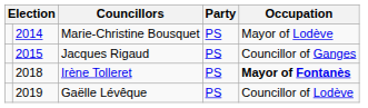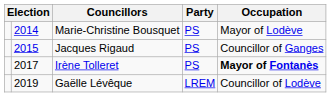 <table class="wikitable">
 <tr>
 <th colspan="2">Election</th>
 <th>Councillors</th>
 <th>Party</th>
 <th>Occupation</th>
 </tr>
 <tr>
 <td style="background-color: "></td>
 <td><a href='#'>2014</a></td>
 <td>Marie-Christine Bousquet</td>
 <td><a href='#'>PS</a></td>
 <td>Mayor of <a href='#'>Lodève</a></td>
 </tr>
 <tr>
 <td style="background-color: "></td>
 <td><a href='#'>2015</a></td>
 <td>Jacques Rigaud</td>
 <td><a href='#'>PS</a></td>
 <td>Councillor of <a href='#'>Ganges</a></td>
 </tr>
 <tr>
 <td style="background-color: "></td>
-<td>2018</td>
+<td>2017</td>
 <td><a href='#'>Irène Tolleret</a></td>
 <td><a href='#'>PS</a></td>
 <td><strong>Mayor of <a href='#'>Fontanès</a></strong></td>
 </tr>
 <tr>
 <td style="background-color: "></td>
 <td>2019</td>
 <td>Gaëlle Lévêque</td>
-<td><a href='#'>PS</a></td>
+<td><a href='#'>LREM</a></td>
 <td>Councillor of <a href='#'>Lodève</a></td>
 </tr>
 </table>
